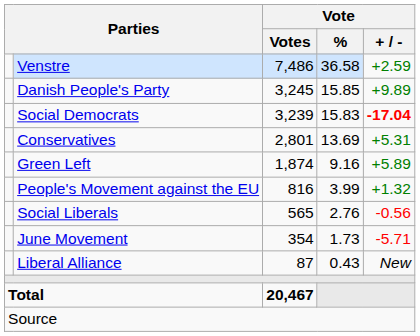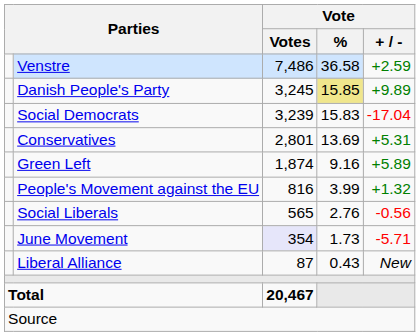 <table class="wikitable" style="text-align:right;">
 <tr>
 <th style="text-align:centre;" rowspan="2" colspan="2" width="225">Parties</th>
 <th colspan="3">Vote</th>
 </tr>
 <tr>
 <th width="15">Votes</th>
 <th width="15">%</th>
 <th width="15">+ / -</th>
 </tr>
 <tr>
 <td width="2" style="color:inherit;background:"></td>
 <td bgcolor=#cfe5fe   align="left"><a href='#'>Venstre</a></td>
 <td bgcolor=#cfe5fe>7,486</td>
 <td bgcolor=#cfe5fe>36.58</td>
 <td style=color:green;>+2.59</td>
 </tr>
 <tr>
 <td width="2" style="color:inherit;background:"></td>
 <td align="left"><a href='#'>Danish People's Party</a></td>
 <td>3,245</td>
-<td>15.85</td>
+<td style="background: khaki;">15.85</td>
 <td style=color:green;>+9.89</td>
 </tr>
 <tr>
 <td width="2" style="color:inherit;background:"></td>
 <td align="left"><a href='#'>Social Democrats</a></td>
 <td>3,239</td>
 <td>15.83</td>
-<td style=color:red;><strong>-17.04</strong></td>
+<td style=color:red;>-17.04</td>
 </tr>
 <tr>
 <td width="2" style="color:inherit;background:"></td>
 <td align="left"><a href='#'>Conservatives</a></td>
 <td>2,801</td>
 <td>13.69</td>
 <td style=color:green;>+5.31</td>
 </tr>
 <tr>
 <td width="2" style="color:inherit;background:"></td>
 <td align="left"><a href='#'>Green Left</a></td>
 <td>1,874</td>
 <td>9.16</td>
 <td style=color:green;>+5.89</td>
 </tr>
 <tr>
 <td width="2" style="color:inherit;background:"></td>
 <td align="left"><a href='#'>People's Movement against the EU</a></td>
 <td>816</td>
 <td>3.99</td>
 <td style=color:green;>+1.32</td>
 </tr>
 <tr>
 <td width="2" style="color:inherit;background:"></td>
 <td align="left"><a href='#'>Social Liberals</a></td>
 <td>565</td>
 <td>2.76</td>
 <td style=color:red;>-0.56</td>
 </tr>
 <tr>
 <td width="2" style="color:inherit;background:"></td>
 <td align="left"><a href='#'>June Movement</a></td>
-<td>354</td>
+<td style="background: lavender;">354</td>
 <td>1.73</td>
 <td style=color:red;>-5.71</td>
 </tr>
 <tr>
 <td width="2" style="color:inherit;background:"></td>
 <td align="left"><a href='#'>Liberal Alliance</a></td>
 <td>87</td>
 <td>0.43</td>
 <td><em>New</em></td>
 </tr>
 <tr>
 <td colspan="7" bgcolor="#E9E9E9"></td>
 </tr>
 <tr>
 <td align="left" colspan="2"><strong>Total</strong></td>
 <td><strong>20,467</strong></td>
 <td bgcolor="#E9E9E9" colspan="2"></td>
 </tr>
 <tr>
 <td align="left" colspan="6">Source</td>
 </tr>
 </table>
